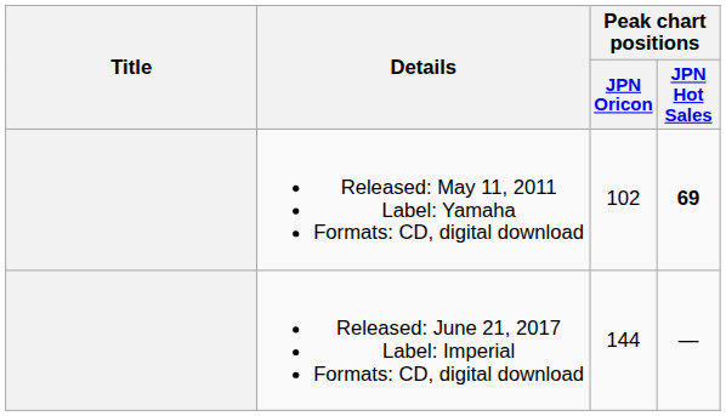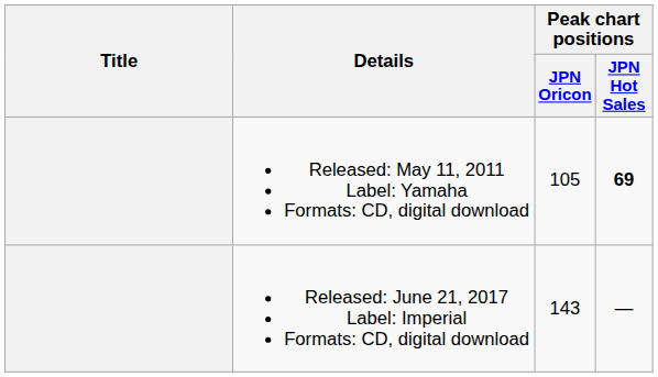 <table class="wikitable plainrowheaders" style="text-align:center;">
 <tr>
 <th scope="col" rowspan="2" style="width:12em;">Title</th>
 <th scope="col" rowspan="2" style="width:16em;">Details</th>
 <th scope="col" colspan="2">Peak chart positions</th>
 </tr>
 <tr>
 <th scope="col" style="width:3em;font-size:90%;"><a href='#'>JPN<br>Oricon</a><br></th>
 <th scope="col" style="width:3em;font-size:90%;"><a href='#'>JPN<br>Hot<br>Sales</a><br></th>
 </tr>
 <tr>
 <th scope="row"></th>
 <td><br><ul><li>Released: May 11, 2011</li><li>Label: Yamaha</li><li>Formats: CD, digital download</li></ul></td>
-<td>102</td>
+<td>105</td>
 <td><strong>69</strong></td>
 </tr>
 <tr>
 <th scope="row"></th>
 <td><br><ul><li>Released: June 21, 2017</li><li>Label: Imperial</li><li>Formats: CD, digital download</li></ul></td>
-<td>144</td>
+<td>143</td>
 <td>—</td>
 </tr>
 </table>
